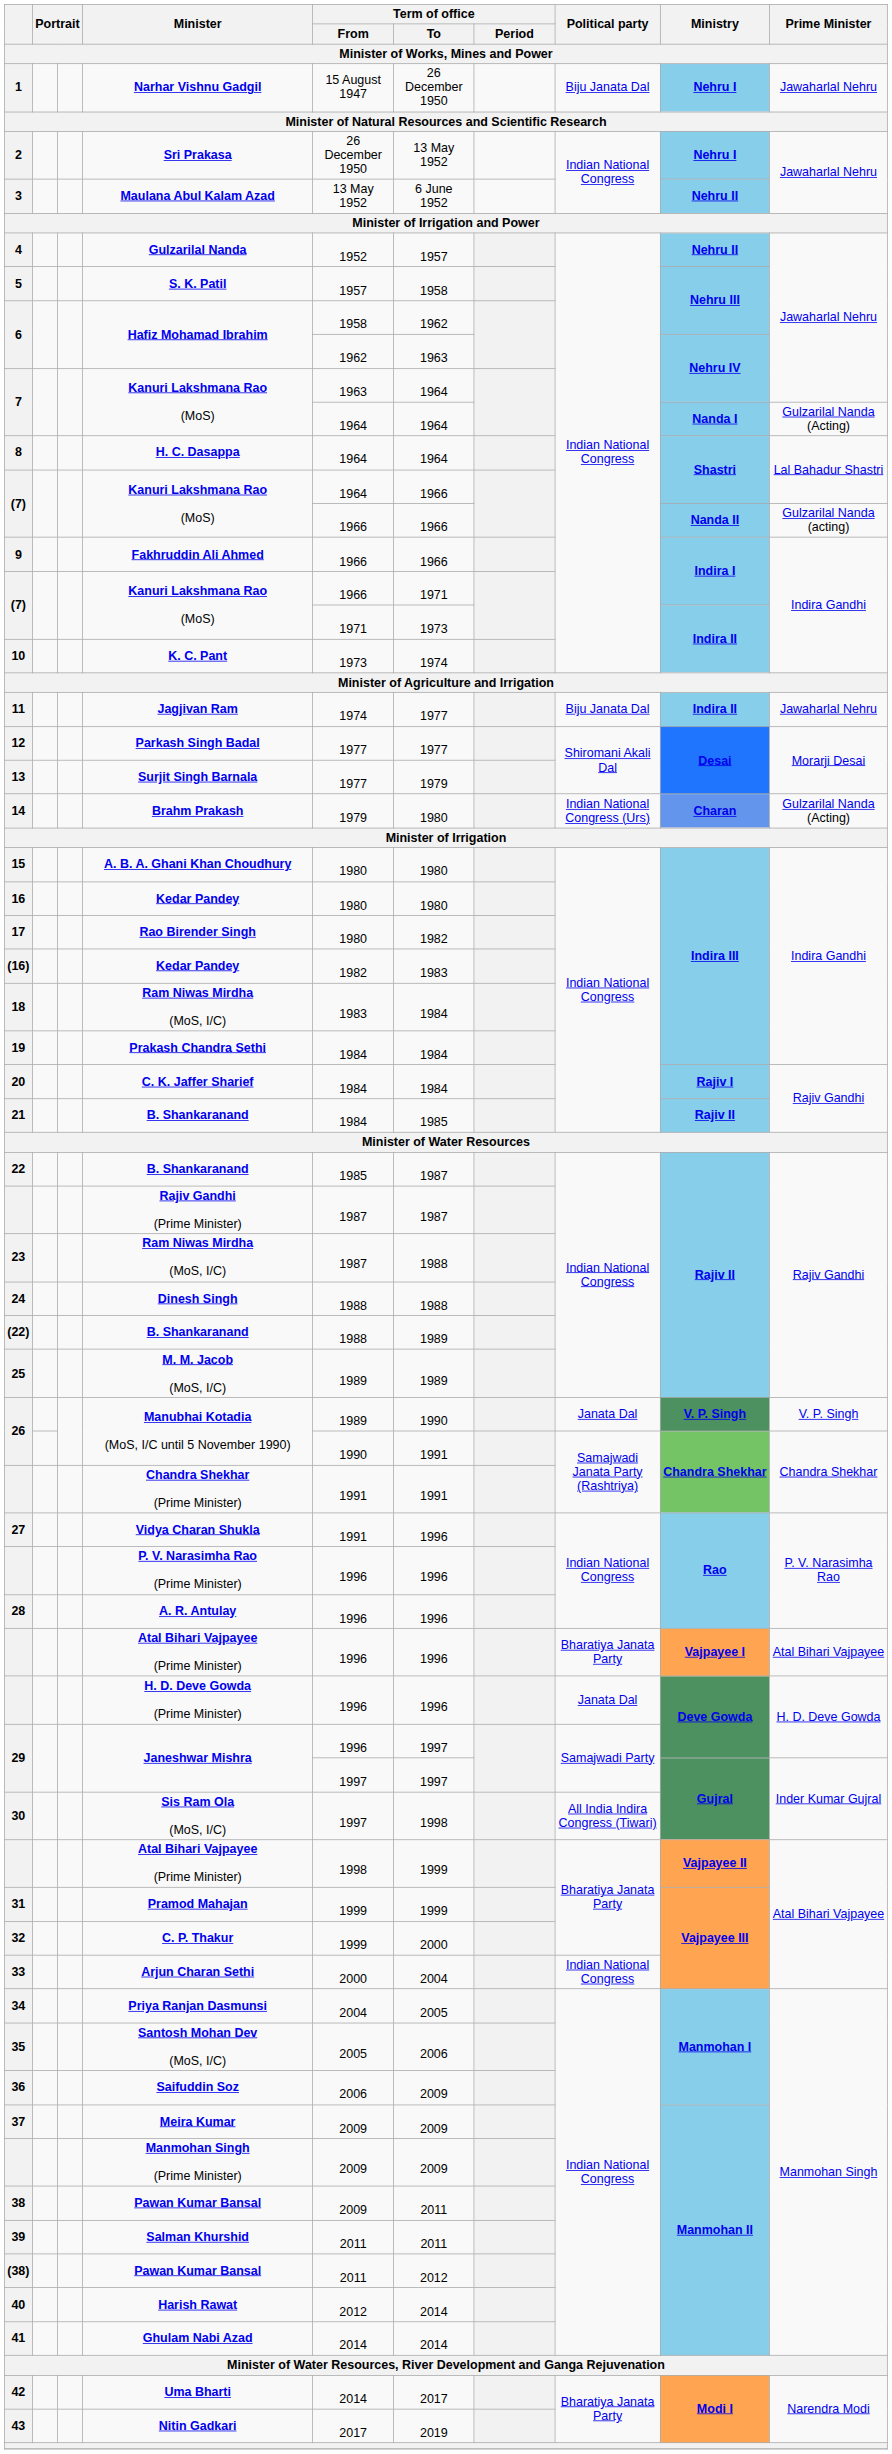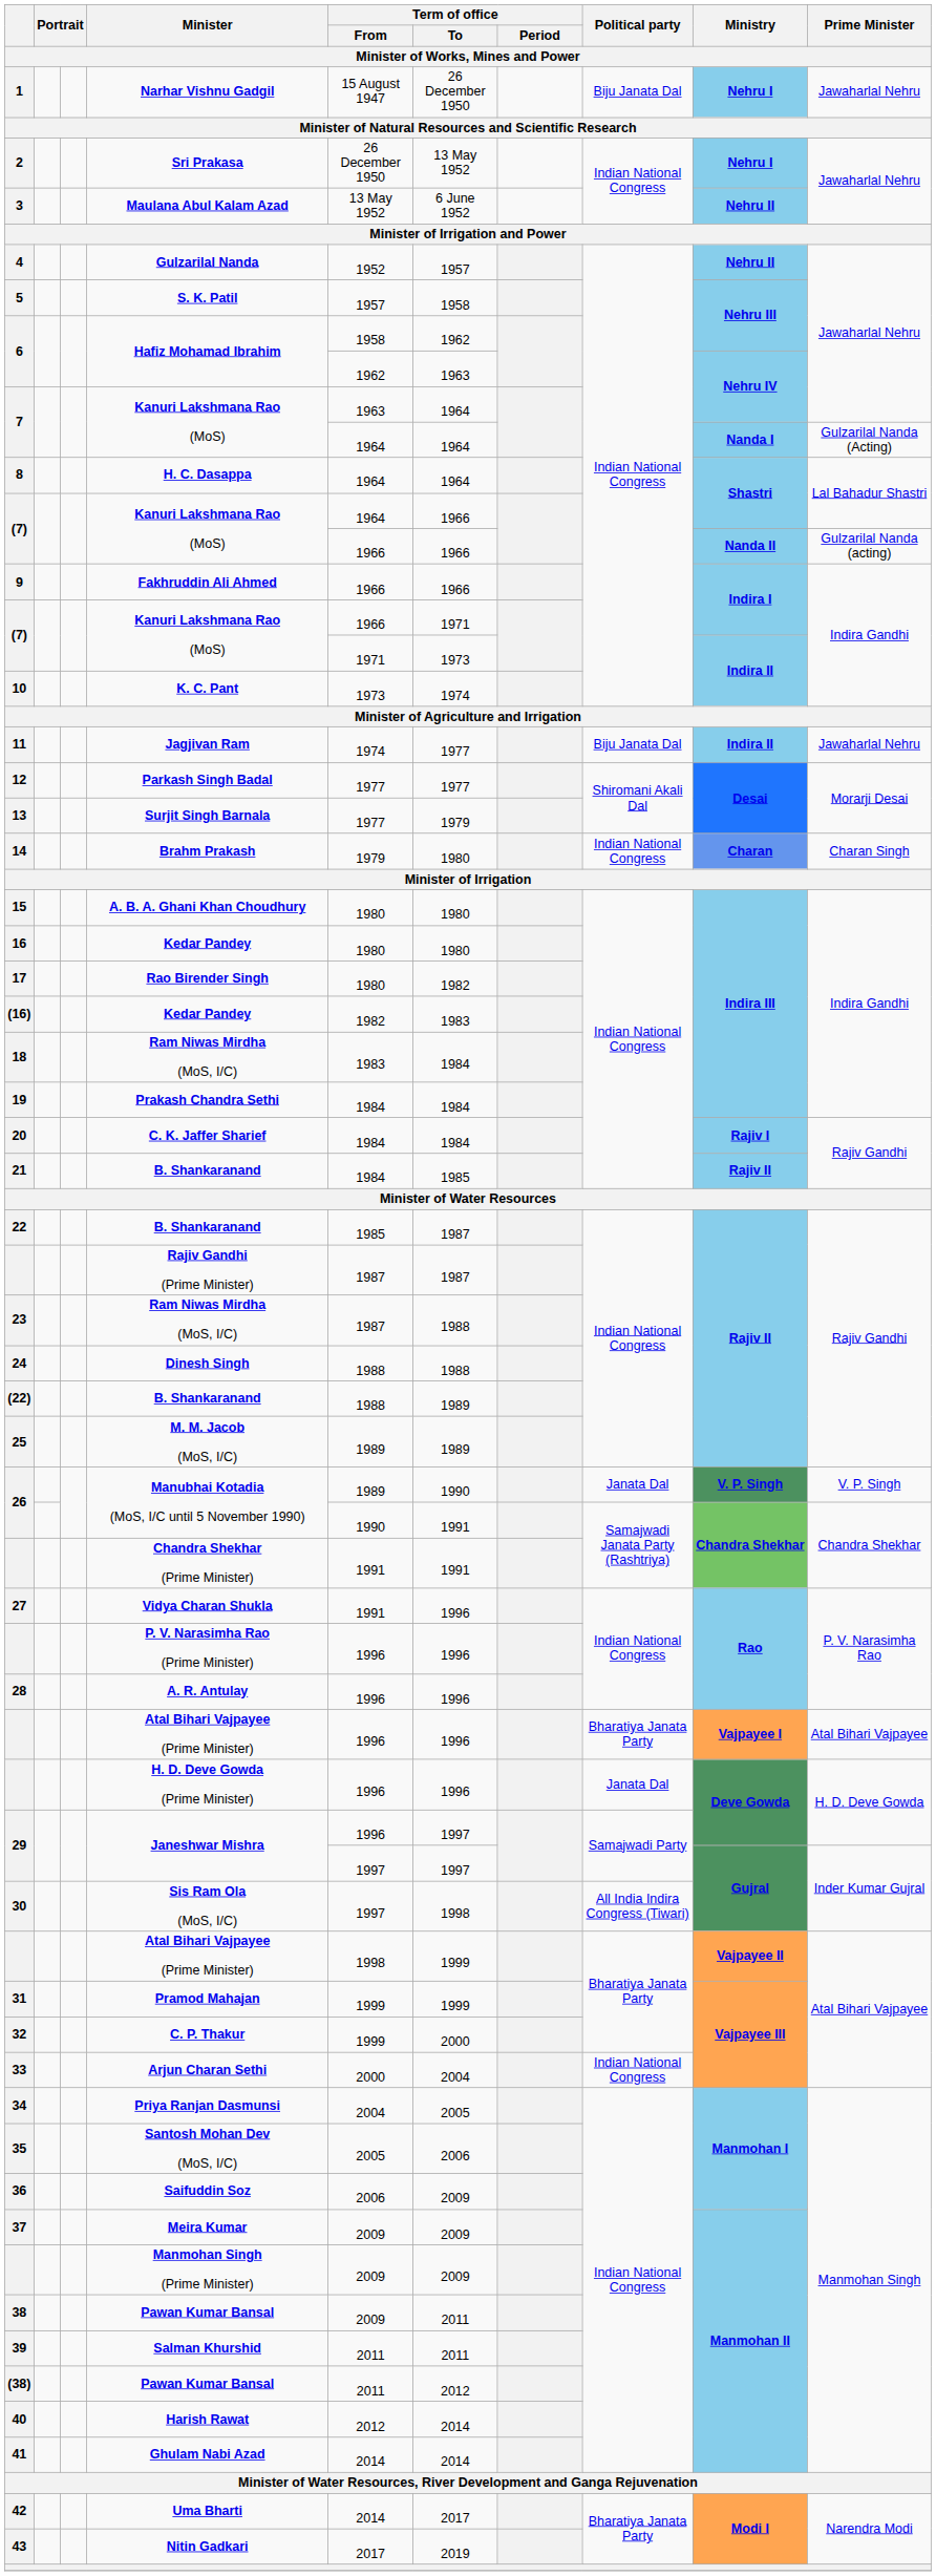 <table class="wikitable" style="text-align:center">
 <tr>
 <th rowspan="2"></th>
 <th rowspan="2" colspan="2">Portrait</th>
 <th rowspan="2" style="width:18em">Minister<br></th>
 <th colspan="3">Term of office</th>
 <th rowspan="2" style="width:8em">Political party</th>
 <th rowspan="2">Ministry</th>
 <th rowspan="2" style="width:9em">Prime Minister</th>
 </tr>
 <tr>
 <th style="width:6em">From</th>
 <th style="width:6em">To</th>
 <th style="width:6em">Period</th>
 </tr>
 <tr>
 <th colspan="10">Minister of Works, Mines and Power</th>
 </tr>
 <tr>
 <th>1</th>
 <td></td>
 <td></td>
 <td><strong><a href='#'>Narhar Vishnu Gadgil</a></strong><br></td>
 <td>15 August<br>1947</td>
 <td>26 December<br>1950</td>
 <td><strong></strong></td>
 <td><a href='#'>Biju Janata Dal</a></td>
 <td bgcolor="#87CEEB"><strong><a href='#'>Nehru I</a></strong></td>
 <td><a href='#'>Jawaharlal Nehru</a></td>
 </tr>
 <tr>
 <th colspan="10">Minister of Natural Resources and Scientific Research</th>
 </tr>
 <tr>
 <th>2</th>
 <td></td>
 <td></td>
 <td><strong><a href='#'>Sri Prakasa</a></strong><br></td>
 <td>26 December<br>1950</td>
 <td>13 May<br>1952</td>
 <td><strong></strong></td>
 <td rowspan="2"><a href='#'>Indian National Congress</a></td>
 <td bgcolor="#87CEEB"><strong><a href='#'>Nehru I</a></strong></td>
 <td rowspan="2"><a href='#'>Jawaharlal Nehru</a></td>
 </tr>
 <tr>
 <th>3</th>
 <td></td>
 <td></td>
 <td><strong><a href='#'>Maulana Abul Kalam Azad</a></strong><br></td>
 <td>13 May<br>1952</td>
 <td>6 June<br>1952</td>
 <td><strong></strong></td>
 <td bgcolor="#87CEEB"><strong><a href='#'>Nehru II</a></strong></td>
 </tr>
 <tr>
 <th colspan="10">Minister of Irrigation and Power</th>
 </tr>
 <tr>
 <th>4</th>
 <td></td>
 <td></td>
 <td><strong><a href='#'>Gulzarilal Nanda</a></strong><br></td>
 <td><br>1952</td>
 <td><br>1957</td>
 <th></th>
 <td rowspan="13"><a href='#'>Indian National Congress</a></td>
 <td bgcolor="#87CEEB"><strong><a href='#'>Nehru II</a></strong></td>
 <td rowspan="5"><a href='#'>Jawaharlal Nehru</a></td>
 </tr>
 <tr>
 <th>5</th>
 <td></td>
 <td></td>
 <td><strong><a href='#'>S. K. Patil</a></strong><br></td>
 <td><br>1957</td>
 <td><br>1958</td>
 <th></th>
 <td rowspan="2" bgcolor="#87CEEB"><strong><a href='#'>Nehru III</a></strong></td>
 </tr>
 <tr>
 <th rowspan="2">6</th>
 <td rowspan="2"></td>
 <td rowspan="2"></td>
 <td rowspan="2"><strong><a href='#'>Hafiz Mohamad Ibrahim</a></strong><br></td>
 <td><br>1958</td>
 <td><br>1962</td>
 <th rowspan="2"></th>
 </tr>
 <tr>
 <td><br>1962</td>
 <td><br>1963</td>
 <td rowspan="2" bgcolor="#87CEEB"><strong><a href='#'>Nehru IV</a></strong></td>
 </tr>
 <tr>
 <th rowspan="2">7</th>
 <td rowspan="2"></td>
 <td rowspan="2"></td>
 <td rowspan="2"><strong><a href='#'>Kanuri Lakshmana Rao</a></strong><br><br>(MoS)</td>
 <td><br>1963</td>
 <td><br>1964</td>
 <th rowspan="2"></th>
 </tr>
 <tr>
 <td><br>1964</td>
 <td><br>1964</td>
 <td bgcolor="#87CEEB"><strong><a href='#'>Nanda I</a></strong></td>
 <td><a href='#'>Gulzarilal Nanda</a><br>(Acting)</td>
 </tr>
 <tr>
 <th>8</th>
 <td></td>
 <td></td>
 <td><strong><a href='#'>H. C. Dasappa</a></strong><br></td>
 <td><br>1964</td>
 <td><br>1964</td>
 <th></th>
 <td rowspan="2" bgcolor="#87CEEB"><strong><a href='#'>Shastri</a></strong></td>
 <td rowspan="2"><a href='#'>Lal Bahadur Shastri</a></td>
 </tr>
 <tr>
 <th rowspan="2">(7)</th>
 <td rowspan="2"></td>
 <td rowspan="2"></td>
 <td rowspan="2"><strong><a href='#'>Kanuri Lakshmana Rao</a></strong><br><br>(MoS)</td>
 <td><br>1964</td>
 <td><br>1966</td>
 <th rowspan="2"></th>
 </tr>
 <tr>
 <td><br>1966</td>
 <td><br>1966</td>
 <td bgcolor="#87CEEB"><strong><a href='#'>Nanda II</a></strong></td>
 <td><a href='#'>Gulzarilal Nanda</a><br>(acting)</td>
 </tr>
 <tr>
 <th>9</th>
 <td></td>
 <td></td>
 <td><strong><a href='#'>Fakhruddin Ali Ahmed</a></strong><br></td>
 <td><br>1966</td>
 <td><br>1966</td>
 <th></th>
 <td rowspan="2" bgcolor="#87CEEB"><strong><a href='#'>Indira I</a></strong></td>
 <td rowspan="4"><a href='#'>Indira Gandhi</a></td>
 </tr>
 <tr>
 <th rowspan="2">(7)</th>
 <td rowspan="2"></td>
 <td rowspan="2"></td>
 <td rowspan="2"><strong><a href='#'>Kanuri Lakshmana Rao</a></strong><br><br>(MoS)</td>
 <td><br>1966</td>
 <td><br>1971</td>
 <th rowspan="2"></th>
 </tr>
 <tr>
 <td><br>1971</td>
 <td><br>1973</td>
 <td rowspan="2" bgcolor="#87CEEB"><strong><a href='#'>Indira II</a></strong></td>
 </tr>
 <tr>
 <th>10</th>
 <td></td>
 <td></td>
 <td><strong><a href='#'>K. C. Pant</a></strong><br></td>
 <td><br>1973</td>
 <td><br>1974</td>
 <th></th>
 </tr>
 <tr>
 <th colspan="10">Minister of Agriculture and Irrigation</th>
 </tr>
 <tr>
 <th>11</th>
 <td></td>
 <td></td>
 <td><strong><a href='#'>Jagjivan Ram</a></strong><br></td>
 <td><br>1974</td>
 <td><br>1977</td>
 <th></th>
 <td><a href='#'>Biju Janata Dal</a></td>
 <td bgcolor="#87CEEB"><strong><a href='#'>Indira II</a></strong></td>
 <td><a href='#'>Jawaharlal Nehru</a></td>
 </tr>
 <tr>
 <th>12</th>
 <td></td>
 <td></td>
 <td><strong><a href='#'>Parkash Singh Badal</a></strong><br></td>
 <td><br>1977</td>
 <td><br>1977</td>
 <th></th>
 <td rowspan="2"><a href='#'>Shiromani Akali Dal</a></td>
 <td rowspan="2" bgcolor="#1F75FE"><strong><a href='#'>Desai</a></strong></td>
 <td rowspan="2"><a href='#'>Morarji Desai</a></td>
 </tr>
 <tr>
 <th>13</th>
 <td></td>
 <td></td>
 <td><strong><a href='#'>Surjit Singh Barnala</a></strong><br></td>
 <td><br>1977</td>
 <td><br>1979</td>
 <th></th>
 </tr>
 <tr>
 <th>14</th>
 <td></td>
 <td></td>
 <td><strong><a href='#'>Brahm Prakash</a></strong><br></td>
 <td><br>1979</td>
 <td><br>1980</td>
 <th></th>
-<td><a href='#'>Indian National Congress (Urs)</a></td>
+<td><a href='#'>Indian National Congress</a></td>
 <td bgcolor="#6495ED"><strong><a href='#'>Charan</a></strong></td>
-<td><a href='#'>Gulzarilal Nanda</a><br>(Acting)</td>
+<td><a href='#'>Charan Singh</a></td>
 </tr>
 <tr>
 <th colspan="10">Minister of Irrigation</th>
 </tr>
 <tr>
 <th>15</th>
 <td></td>
 <td></td>
 <td><strong><a href='#'>A. B. A. Ghani Khan Choudhury</a></strong><br></td>
 <td><br>1980</td>
 <td><br>1980</td>
 <th></th>
 <td rowspan="8"><a href='#'>Indian National Congress</a></td>
 <td rowspan="6" bgcolor="#87CEEB"><strong><a href='#'>Indira III</a></strong></td>
 <td rowspan="6"><a href='#'>Indira Gandhi</a></td>
 </tr>
 <tr>
 <th>16</th>
 <td></td>
 <td></td>
 <td><strong><a href='#'>Kedar Pandey</a></strong><br></td>
 <td><br>1980</td>
 <td><br>1980</td>
 <th></th>
 </tr>
 <tr>
 <th>17</th>
 <td></td>
 <td></td>
 <td><strong><a href='#'>Rao Birender Singh</a></strong><br></td>
 <td><br>1980</td>
 <td><br>1982</td>
 <th></th>
 </tr>
 <tr>
 <th>(16)</th>
 <td></td>
 <td></td>
 <td><strong><a href='#'>Kedar Pandey</a></strong><br></td>
 <td><br>1982</td>
 <td><br>1983</td>
 <th></th>
 </tr>
 <tr>
 <th>18</th>
 <td></td>
 <td></td>
 <td><strong><a href='#'>Ram Niwas Mirdha</a></strong><br><br>(MoS, I/C)</td>
 <td><br>1983</td>
 <td><br>1984</td>
 <th></th>
 </tr>
 <tr>
 <th>19</th>
 <td></td>
 <td></td>
 <td><strong><a href='#'>Prakash Chandra Sethi</a></strong><br></td>
 <td><br>1984</td>
 <td><br>1984</td>
 <th></th>
 </tr>
 <tr>
 <th>20</th>
 <td></td>
 <td></td>
 <td><strong><a href='#'>C. K. Jaffer Sharief</a></strong><br></td>
 <td><br>1984</td>
 <td><br>1984</td>
 <th></th>
 <td bgcolor="#87CEEB"><strong><a href='#'>Rajiv I</a></strong></td>
 <td rowspan="2"><a href='#'>Rajiv Gandhi</a></td>
 </tr>
 <tr>
 <th>21</th>
 <td></td>
 <td></td>
 <td><strong><a href='#'>B. Shankaranand</a></strong><br></td>
 <td><br>1984</td>
 <td><br>1985</td>
 <th></th>
 <td bgcolor="#87CEEB"><strong><a href='#'>Rajiv II</a></strong></td>
 </tr>
 <tr>
 <th colspan="10">Minister of Water Resources</th>
 </tr>
 <tr>
 <th>22</th>
 <td></td>
 <td></td>
 <td><strong><a href='#'>B. Shankaranand</a></strong><br></td>
 <td><br>1985</td>
 <td><br>1987</td>
 <th></th>
 <td rowspan="6"><a href='#'>Indian National Congress</a></td>
 <td rowspan="6" bgcolor="#87CEEB"><strong><a href='#'>Rajiv II</a></strong></td>
 <td rowspan="6"><a href='#'>Rajiv Gandhi</a></td>
 </tr>
 <tr>
 <th></th>
 <td></td>
 <td></td>
 <td><strong><a href='#'>Rajiv Gandhi</a></strong><br><br>(Prime Minister)</td>
 <td><br>1987</td>
 <td><br>1987</td>
 <th></th>
 </tr>
 <tr>
 <th>23</th>
 <td></td>
 <td></td>
 <td><strong><a href='#'>Ram Niwas Mirdha</a></strong><br><br>(MoS, I/C)</td>
 <td><br>1987</td>
 <td><br>1988</td>
 <th></th>
 </tr>
 <tr>
 <th>24</th>
 <td></td>
 <td></td>
 <td><strong><a href='#'>Dinesh Singh</a></strong><br></td>
 <td><br>1988</td>
 <td><br>1988</td>
 <th></th>
 </tr>
 <tr>
 <th>(22)</th>
 <td></td>
 <td></td>
 <td><strong><a href='#'>B. Shankaranand</a></strong><br></td>
 <td><br>1988</td>
 <td><br>1989</td>
 <th></th>
 </tr>
 <tr>
 <th>25</th>
 <td></td>
 <td></td>
 <td><strong><a href='#'>M. M. Jacob</a></strong><br><br>(MoS, I/C)</td>
 <td><br>1989</td>
 <td><br>1989</td>
 <th></th>
 </tr>
 <tr>
 <th rowspan="2">26</th>
 <td></td>
 <td rowspan="2"></td>
 <td rowspan="2"><strong><a href='#'>Manubhai Kotadia</a></strong><br><br>(MoS, I/C until 5 November 1990)</td>
 <td><br>1989</td>
 <td><br>1990</td>
 <th></th>
 <td><a href='#'>Janata Dal</a></td>
 <td style="background:#4C915F"><strong><a href='#'>V. P. Singh</a></strong></td>
 <td><a href='#'>V. P. Singh</a></td>
 </tr>
 <tr>
 <td></td>
 <td><br>1990</td>
 <td><br>1991</td>
 <th></th>
 <td rowspan="2"><a href='#'>Samajwadi Janata Party (Rashtriya)</a></td>
 <td rowspan="2" style="background:#74C365"><strong><a href='#'>Chandra Shekhar</a></strong></td>
 <td rowspan="2"><a href='#'>Chandra Shekhar</a></td>
 </tr>
 <tr>
 <th></th>
 <td></td>
 <td></td>
 <td><strong><a href='#'>Chandra Shekhar</a></strong><br><br>(Prime Minister)</td>
 <td><br>1991</td>
 <td><br>1991</td>
 <th></th>
 </tr>
 <tr>
 <th>27</th>
 <td></td>
 <td></td>
 <td><strong><a href='#'>Vidya Charan Shukla</a></strong><br></td>
 <td><br>1991</td>
 <td><br>1996</td>
 <th></th>
 <td rowspan="3"><a href='#'>Indian National Congress</a></td>
 <td rowspan="3" bgcolor="#87CEEB"><a href='#'><strong>Rao</strong></a></td>
 <td rowspan="3"><a href='#'>P. V. Narasimha Rao</a></td>
 </tr>
 <tr>
 <th></th>
 <td></td>
 <td></td>
 <td><strong><a href='#'>P. V. Narasimha Rao</a></strong><br><br>(Prime Minister)</td>
 <td><br>1996</td>
 <td><br>1996</td>
 <th></th>
 </tr>
 <tr>
 <th>28</th>
 <td></td>
 <td></td>
 <td><strong><a href='#'>A. R. Antulay</a></strong><br></td>
 <td><br>1996</td>
 <td><br>1996</td>
 <th></th>
 </tr>
 <tr>
 <th></th>
 <td></td>
 <td></td>
 <td><strong><a href='#'>Atal Bihari Vajpayee</a></strong><br><br>(Prime Minister)</td>
 <td><br>1996</td>
 <td><br>1996</td>
 <th></th>
 <td><a href='#'>Bharatiya Janata Party</a></td>
 <td style="background:#FFA551;"><strong><a href='#'>Vajpayee I</a></strong></td>
 <td><a href='#'>Atal Bihari Vajpayee</a></td>
 </tr>
 <tr>
 <th></th>
 <td></td>
 <td></td>
 <td><strong><a href='#'>H. D. Deve Gowda</a></strong><br><br>(Prime Minister)</td>
 <td><br>1996</td>
 <td><br>1996</td>
 <th></th>
 <td><a href='#'>Janata Dal</a></td>
 <td rowspan="2" style="background:#4C915F"><strong><a href='#'>Deve Gowda</a></strong></td>
 <td rowspan="2"><a href='#'>H. D. Deve Gowda</a></td>
 </tr>
 <tr>
 <th rowspan="2">29</th>
 <td rowspan="2"></td>
 <td rowspan="2"></td>
 <td rowspan="2"><strong><a href='#'>Janeshwar Mishra</a></strong><br></td>
 <td><br>1996</td>
 <td><br>1997</td>
 <th rowspan="2"></th>
 <td rowspan="2"><a href='#'>Samajwadi Party</a></td>
 </tr>
 <tr>
 <td><br>1997</td>
 <td><br>1997</td>
 <td rowspan="2" style="background:#4C915F"><strong><a href='#'>Gujral</a></strong></td>
 <td rowspan="2"><a href='#'>Inder Kumar Gujral</a></td>
 </tr>
 <tr>
 <th>30</th>
 <td></td>
 <td></td>
 <td><strong><a href='#'>Sis Ram Ola</a></strong><br><br>(MoS, I/C)</td>
 <td><br>1997</td>
 <td><br>1998</td>
 <th></th>
 <td><a href='#'>All India Indira Congress (Tiwari)</a></td>
 </tr>
 <tr>
 <th></th>
 <td></td>
 <td></td>
 <td><strong><a href='#'>Atal Bihari Vajpayee</a></strong><br><br>(Prime Minister)</td>
 <td><br>1998</td>
 <td><br>1999</td>
 <th></th>
 <td rowspan="3"><a href='#'>Bharatiya Janata Party</a></td>
 <td style="background:#FFA551;"><strong><a href='#'>Vajpayee II</a></strong></td>
 <td rowspan="4"><a href='#'>Atal Bihari Vajpayee</a></td>
 </tr>
 <tr>
 <th>31</th>
 <td></td>
 <td></td>
 <td><strong><a href='#'>Pramod Mahajan</a></strong><br></td>
 <td><br>1999</td>
 <td><br>1999</td>
 <th></th>
 <td rowspan="3" style="background:#FFA551;"><strong><a href='#'>Vajpayee III</a></strong></td>
 </tr>
 <tr>
 <th>32</th>
 <td></td>
 <td></td>
 <td><strong><a href='#'>C. P. Thakur</a></strong><br></td>
 <td><br>1999</td>
 <td><br>2000</td>
 <th></th>
 </tr>
 <tr>
 <th>33</th>
 <td></td>
 <td></td>
 <td><strong><a href='#'>Arjun Charan Sethi</a></strong><br></td>
 <td><br>2000</td>
 <td><br>2004</td>
 <th></th>
 <td><a href='#'>Indian National Congress</a></td>
 </tr>
 <tr>
 <th>34</th>
 <td></td>
 <td></td>
 <td><strong><a href='#'>Priya Ranjan Dasmunsi</a></strong><br></td>
 <td><br>2004</td>
 <td><br>2005</td>
 <th></th>
 <td rowspan="10"><a href='#'>Indian National Congress</a></td>
 <td rowspan="3" bgcolor="#87CEEB"><a href='#'><strong>Manmohan I</strong></a></td>
 <td rowspan="10"><a href='#'>Manmohan Singh</a></td>
 </tr>
 <tr>
 <th>35</th>
 <td></td>
 <td></td>
 <td><strong><a href='#'>Santosh Mohan Dev</a></strong><br><br>(MoS, I/C)</td>
 <td><br>2005</td>
 <td><br>2006</td>
 <th></th>
 </tr>
 <tr>
 <th>36</th>
 <td></td>
 <td></td>
 <td><strong><a href='#'>Saifuddin Soz</a></strong><br></td>
 <td><br>2006</td>
 <td><br>2009</td>
 <th></th>
 </tr>
 <tr>
 <th>37</th>
 <td></td>
 <td></td>
 <td><strong><a href='#'>Meira Kumar</a></strong><br></td>
 <td><br>2009</td>
 <td><br>2009</td>
 <th></th>
 <td rowspan="7" bgcolor="#87CEEB"><a href='#'><strong>Manmohan II</strong></a></td>
 </tr>
 <tr>
 <th></th>
 <td></td>
 <td></td>
 <td><strong><a href='#'>Manmohan Singh</a></strong><br><br>(Prime Minister)</td>
 <td><br>2009</td>
 <td><br>2009</td>
 <th></th>
 </tr>
 <tr>
 <th>38</th>
 <td></td>
 <td></td>
 <td><strong><a href='#'>Pawan Kumar Bansal</a></strong><br></td>
 <td><br>2009</td>
 <td><br>2011</td>
 <th></th>
 </tr>
 <tr>
 <th>39</th>
 <td></td>
 <td></td>
 <td><strong><a href='#'>Salman Khurshid</a></strong><br></td>
 <td><br>2011</td>
 <td><br>2011</td>
 <th></th>
 </tr>
 <tr>
 <th>(38)</th>
 <td></td>
 <td></td>
 <td><strong><a href='#'>Pawan Kumar Bansal</a></strong><br></td>
 <td><br>2011</td>
 <td><br>2012</td>
 <th></th>
 </tr>
 <tr>
 <th>40</th>
 <td></td>
 <td></td>
 <td><strong><a href='#'>Harish Rawat</a></strong><br></td>
 <td><br>2012</td>
 <td><br>2014</td>
 <th></th>
 </tr>
 <tr>
 <th>41</th>
 <td></td>
 <td></td>
 <td><strong><a href='#'>Ghulam Nabi Azad</a></strong><br></td>
 <td><br>2014</td>
 <td><br>2014</td>
 <th></th>
 </tr>
 <tr>
 <th colspan="10">Minister of Water Resources, River Development and Ganga Rejuvenation</th>
 </tr>
 <tr>
 <th>42</th>
 <td></td>
 <td></td>
 <td><strong><a href='#'>Uma Bharti</a></strong><br></td>
 <td><br>2014</td>
 <td><br>2017</td>
 <th></th>
 <td rowspan="2"><a href='#'>Bharatiya Janata Party</a></td>
 <td rowspan="2" style="background:#FFA551;"><strong><a href='#'>Modi I</a></strong></td>
 <td rowspan="2"><a href='#'>Narendra Modi</a></td>
 </tr>
 <tr>
 <th>43</th>
 <td></td>
 <td></td>
 <td><strong><a href='#'>Nitin Gadkari</a></strong><br></td>
 <td><br>2017</td>
 <td><br>2019</td>
 <th></th>
 </tr>
 <tr>
 <th colspan="10"></th>
 </tr>
 <tr>
 </tr>
 </table>
